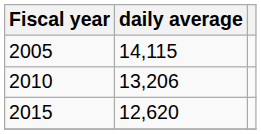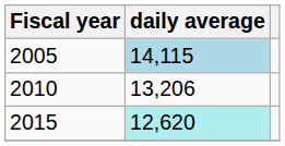 <table class="wikitable">
 <tr>
 <th>Fiscal year</th>
 <th>daily average</th>
 <th></th>
 </tr>
 <tr>
 <td>2005</td>
-<td>14,115</td>
+<td style="background: lightblue;">14,115</td>
 <td></td>
 </tr>
 <tr>
 <td>2010</td>
 <td>13,206</td>
 <td></td>
 </tr>
 <tr>
 <td>2015</td>
-<td>12,620</td>
+<td style="background: paleturquoise;">12,620</td>
 <td></td>
 </tr>
 <tr>
 </tr>
 </table>
